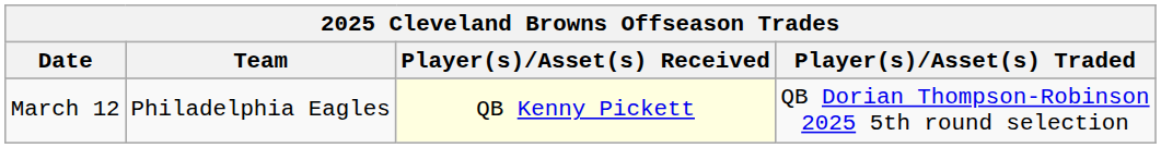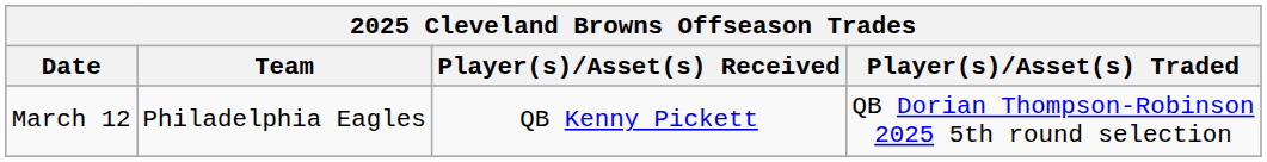 <table class="wikitable" style="text-align:center">
 <tr>
 <th colspan=4>2025 Cleveland Browns Offseason Trades</th>
 </tr>
 <tr>
 <th>Date</th>
 <th>Team</th>
 <th>Player(s)/Asset(s) Received</th>
 <th>Player(s)/Asset(s) Traded</th>
 </tr>
 <tr>
 <td>March 12</td>
 <td>Philadelphia Eagles</td>
-<td style="background: lightyellow;">QB <a href='#'>Kenny Pickett</a></td>
+<td>QB <a href='#'>Kenny Pickett</a></td>
 <td>QB <a href='#'>Dorian Thompson-Robinson</a> <br> <a href='#'>2025</a> 5th round selection</td>
 </tr>
 </table>
